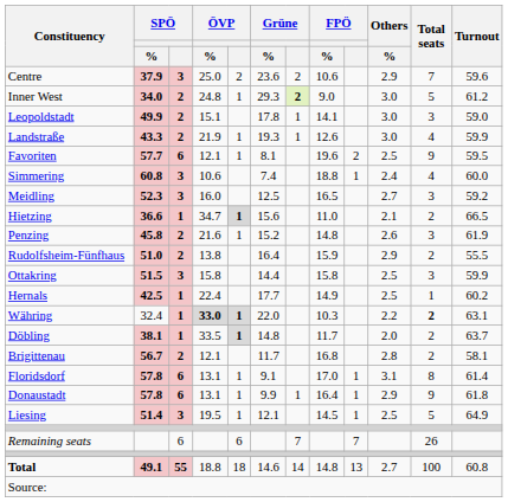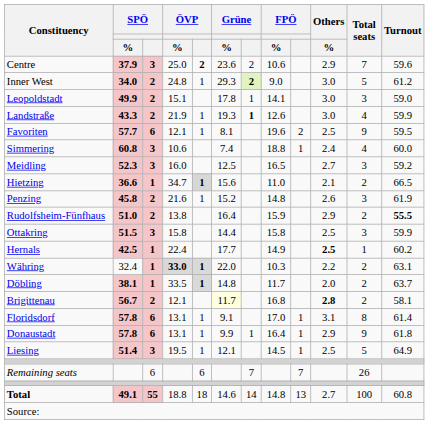 <table class="wikitable" style="text-align:center;font-size:90%;line-height:16px">
 <tr style="height:40px;">
 <th style="width:140px;" rowspan="3">Constituency</th>
 <th style="width:60px;" colspan="2"><a href='#'>SPÖ</a></th>
 <th style="width:60px;" colspan="2"><a href='#'>ÖVP</a></th>
 <th style="width:60px;" colspan="2"><a href='#'>Grüne</a></th>
 <th style="width:60px;" colspan="2"><a href='#'>FPÖ</a></th>
 <th class="unsortable" style="width:40px;" rowspan="2">Others</th>
 <th class="unsortable" style="width:40px;" rowspan="3">Total<br>seats</th>
 <th class="unsortable" style="width:40px;" rowspan="3">Turnout</th>
 </tr>
 <tr>
 <th colspan="2" style="background:"></th>
 <th colspan="2" style="background:"></th>
 <th colspan="2" style="background:"></th>
 <th colspan="2" style="background:"></th>
 </tr>
 <tr>
 <th class=unsortable>%</th>
 <th class=unsortable></th>
 <th class=unsortable>%</th>
 <th class=unsortable></th>
 <th class=unsortable>%</th>
 <th class=unsortable></th>
 <th class=unsortable>%</th>
 <th class=unsortable></th>
 <th class=unsortable>%</th>
 </tr>
 <tr>
 <td align=left>Centre</td>
 <td bgcolor=#F4C6C9><strong>37.9</strong></td>
 <td bgcolor=#F4C6C9><strong>3</strong></td>
 <td>25.0</td>
-<td>2</td>
+<td><strong>2</strong></td>
 <td>23.6</td>
 <td>2</td>
 <td>10.6</td>
 <td></td>
 <td>2.9</td>
 <td>7</td>
 <td>59.6</td>
 </tr>
 <tr>
 <td align=left>Inner West</td>
 <td bgcolor=#F4C6C9><strong>34.0</strong></td>
 <td bgcolor=#F4C6C9><strong>2</strong></td>
 <td>24.8</td>
 <td>1</td>
 <td>29.3</td>
 <td bgcolor=#E2F2C0><strong>2</strong></td>
 <td>9.0</td>
 <td></td>
 <td>3.0</td>
 <td>5</td>
 <td>61.2</td>
 </tr>
 <tr>
 <td align=left><a href='#'>Leopoldstadt</a></td>
 <td bgcolor=#F4C6C9><strong>49.9</strong></td>
 <td bgcolor=#F4C6C9><strong>2</strong></td>
 <td>15.1</td>
 <td></td>
 <td>17.8</td>
 <td>1</td>
 <td>14.1</td>
 <td></td>
 <td>3.0</td>
 <td>3</td>
 <td>59.0</td>
 </tr>
 <tr>
 <td align=left><a href='#'>Landstraße</a></td>
 <td bgcolor=#F4C6C9><strong>43.3</strong></td>
 <td bgcolor=#F4C6C9><strong>2</strong></td>
 <td>21.9</td>
 <td>1</td>
 <td>19.3</td>
-<td>1</td>
+<td><strong>1</strong></td>
 <td>12.6</td>
 <td></td>
 <td>3.0</td>
 <td>4</td>
 <td>59.9</td>
 </tr>
 <tr>
 <td align=left><a href='#'>Favoriten</a></td>
 <td bgcolor=#F4C6C9><strong>57.7</strong></td>
 <td bgcolor=#F4C6C9><strong>6</strong></td>
 <td>12.1</td>
 <td>1</td>
 <td>8.1</td>
 <td></td>
 <td>19.6</td>
 <td>2</td>
 <td>2.5</td>
 <td>9</td>
 <td>59.5</td>
 </tr>
 <tr>
 <td align=left><a href='#'>Simmering</a></td>
 <td bgcolor=#F4C6C9><strong>60.8</strong></td>
 <td bgcolor=#F4C6C9><strong>3</strong></td>
 <td>10.6</td>
 <td></td>
 <td>7.4</td>
 <td></td>
 <td>18.8</td>
 <td>1</td>
 <td>2.4</td>
 <td>4</td>
 <td>60.0</td>
 </tr>
 <tr>
 <td align=left><a href='#'>Meidling</a></td>
 <td bgcolor=#F4C6C9><strong>52.3</strong></td>
 <td bgcolor=#F4C6C9><strong>3</strong></td>
 <td>16.0</td>
 <td></td>
 <td>12.5</td>
 <td></td>
 <td>16.5</td>
 <td></td>
 <td>2.7</td>
 <td>3</td>
 <td>59.2</td>
 </tr>
 <tr>
 <td align=left><a href='#'>Hietzing</a></td>
 <td bgcolor=#F4C6C9><strong>36.6</strong></td>
 <td bgcolor=#F4C6C9><strong>1</strong></td>
 <td>34.7</td>
 <td bgcolor=#D7D7D7><strong>1</strong></td>
 <td>15.6</td>
 <td></td>
 <td>11.0</td>
 <td></td>
 <td>2.1</td>
 <td>2</td>
 <td>66.5</td>
 </tr>
 <tr>
 <td align=left><a href='#'>Penzing</a></td>
 <td bgcolor=#F4C6C9><strong>45.8</strong></td>
 <td bgcolor=#F4C6C9><strong>2</strong></td>
 <td>21.6</td>
 <td>1</td>
 <td>15.2</td>
 <td></td>
 <td>14.8</td>
 <td></td>
 <td>2.6</td>
 <td>3</td>
 <td>61.9</td>
 </tr>
 <tr>
 <td align=left><a href='#'>Rudolfsheim-Fünfhaus</a></td>
 <td bgcolor=#F4C6C9><strong>51.0</strong></td>
 <td bgcolor=#F4C6C9><strong>2</strong></td>
 <td>13.8</td>
 <td></td>
 <td>16.4</td>
 <td></td>
 <td>15.9</td>
 <td></td>
 <td>2.9</td>
 <td>2</td>
-<td>55.5</td>
+<td><strong>55.5</strong></td>
 </tr>
 <tr>
 <td align=left><a href='#'>Ottakring</a></td>
 <td bgcolor=#F4C6C9><strong>51.5</strong></td>
 <td bgcolor=#F4C6C9><strong>3</strong></td>
 <td>15.8</td>
 <td></td>
 <td>14.4</td>
 <td></td>
 <td>15.8</td>
 <td></td>
 <td>2.5</td>
 <td>3</td>
 <td>59.9</td>
 </tr>
 <tr>
 <td align=left><a href='#'>Hernals</a></td>
 <td bgcolor=#F4C6C9><strong>42.5</strong></td>
 <td bgcolor=#F4C6C9><strong>1</strong></td>
 <td>22.4</td>
 <td></td>
 <td>17.7</td>
 <td></td>
 <td>14.9</td>
 <td></td>
-<td>2.5</td>
+<td><strong>2.5</strong></td>
 <td>1</td>
 <td>60.2</td>
 </tr>
 <tr>
 <td align=left><a href='#'>Währing</a></td>
 <td>32.4</td>
 <td bgcolor=#F4C6C9><strong>1</strong></td>
 <td bgcolor=#D9D9D9><strong>33.0</strong></td>
 <td bgcolor=#D9D9D9><strong>1</strong></td>
 <td>22.0</td>
 <td></td>
 <td>10.3</td>
 <td></td>
 <td>2.2</td>
-<td><strong>2</strong></td>
+<td>2</td>
 <td>63.1</td>
 </tr>
 <tr>
 <td align=left><a href='#'>Döbling</a></td>
 <td bgcolor=#F4C6C9><strong>38.1</strong></td>
 <td bgcolor=#F4C6C9><strong>1</strong></td>
 <td>33.5</td>
 <td bgcolor=#D9D9D9><strong>1</strong></td>
 <td>14.8</td>
 <td></td>
 <td>11.7</td>
 <td></td>
 <td>2.0</td>
 <td>2</td>
 <td>63.7</td>
 </tr>
 <tr>
 <td align=left><a href='#'>Brigittenau</a></td>
 <td bgcolor=#F4C6C9><strong>56.7</strong></td>
 <td bgcolor=#F4C6C9><strong>2</strong></td>
 <td>12.1</td>
 <td></td>
-<td>11.7</td>
+<td style="background: lightyellow;">11.7</td>
 <td></td>
 <td>16.8</td>
 <td></td>
-<td>2.8</td>
+<td><strong>2.8</strong></td>
 <td>2</td>
 <td>58.1</td>
 </tr>
 <tr>
 <td align=left><a href='#'>Floridsdorf</a></td>
 <td bgcolor=#F4C6C9><strong>57.8</strong></td>
 <td bgcolor=#F4C6C9><strong>6</strong></td>
 <td>13.1</td>
 <td>1</td>
 <td>9.1</td>
 <td></td>
 <td>17.0</td>
 <td>1</td>
 <td>3.1</td>
 <td>8</td>
 <td>61.4</td>
 </tr>
 <tr>
 <td align=left><a href='#'>Donaustadt</a></td>
 <td bgcolor=#F4C6C9><strong>57.8</strong></td>
 <td bgcolor=#F4C6C9><strong>6</strong></td>
 <td>13.1</td>
 <td>1</td>
 <td>9.9</td>
 <td>1</td>
 <td>16.4</td>
 <td>1</td>
 <td>2.9</td>
 <td>9</td>
 <td>61.8</td>
 </tr>
 <tr>
 <td align=left><a href='#'>Liesing</a></td>
 <td bgcolor=#F4C6C9><strong>51.4</strong></td>
 <td bgcolor=#F4C6C9><strong>3</strong></td>
 <td>19.5</td>
 <td>1</td>
 <td>12.1</td>
 <td></td>
 <td>14.5</td>
 <td>1</td>
 <td>2.5</td>
 <td>5</td>
 <td>64.9</td>
 </tr>
 <tr>
 <td colspan=12 bgcolor=lightgrey></td>
 </tr>
 <tr>
 <td align=left><em>Remaining seats</em></td>
 <td></td>
 <td>6</td>
 <td></td>
 <td>6</td>
 <td></td>
 <td>7</td>
 <td></td>
 <td>7</td>
 <td></td>
 <td>26</td>
 <td></td>
 </tr>
 <tr>
 <td colspan=12 bgcolor=lightgrey></td>
 </tr>
 <tr>
 <td align=left><strong>Total</strong></td>
 <td bgcolor=#F4C6C9><strong>49.1</strong></td>
 <td bgcolor=#F4C6C9><strong>55</strong></td>
 <td>18.8</td>
 <td>18</td>
 <td>14.6</td>
 <td>14</td>
 <td>14.8</td>
 <td>13</td>
 <td>2.7</td>
 <td>100</td>
 <td>60.8</td>
 </tr>
 <tr class=sortbottom>
 <td colspan=14 align=left>Source: </td>
 </tr>
 </table>
